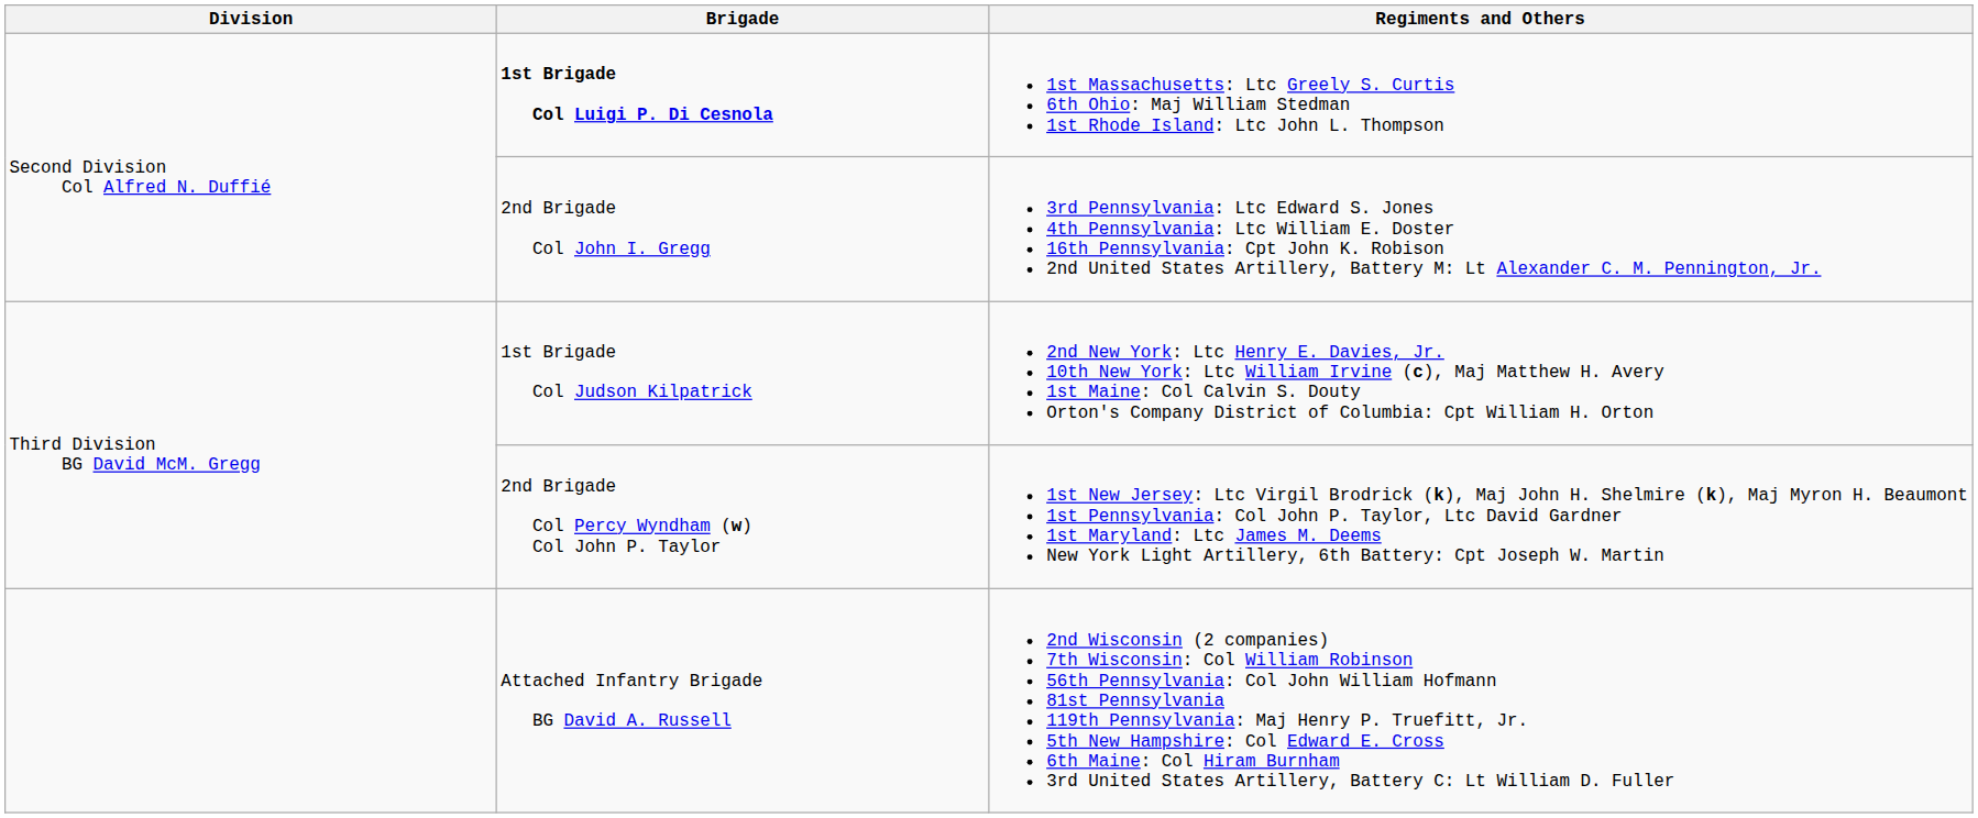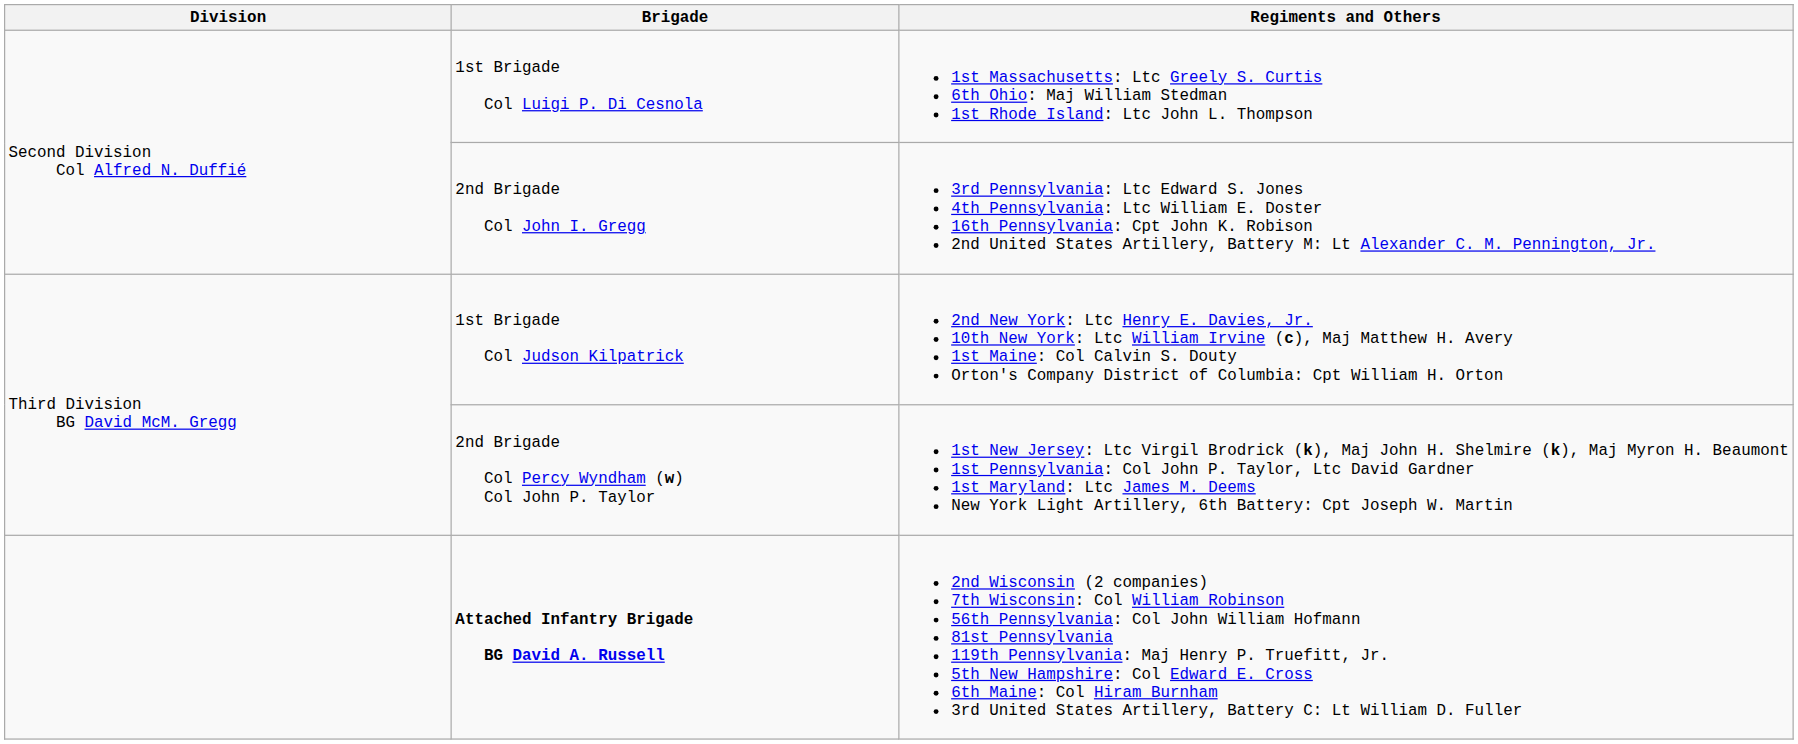 <table class="wikitable">
 <tr>
 <th width=25%>Division</th>
 <th width=25%>Brigade</th>
 <th>Regiments and Others</th>
 </tr>
 <tr>
 <td rowspan=2><br>Second Division <br>     Col <a href='#'>Alfred N. Duffié</a></td>
-<td><strong>1st Brigade<br><br>   Col <a href='#'>Luigi P. Di Cesnola</a></strong></td>
+<td>1st Brigade<br><br>   Col <a href='#'>Luigi P. Di Cesnola</a></td>
 <td><br><ul><li><a href='#'>1st Massachusetts</a>: Ltc <a href='#'>Greely S. Curtis</a></li><li><a href='#'>6th Ohio</a>: Maj William Stedman</li><li><a href='#'>1st Rhode Island</a>: Ltc John L. Thompson</li></ul></td>
 </tr>
 <tr>
 <td>2nd Brigade<br><br>   Col <a href='#'>John I. Gregg</a></td>
 <td><br><ul><li><a href='#'>3rd Pennsylvania</a>: Ltc Edward S. Jones</li><li><a href='#'>4th Pennsylvania</a>: Ltc William E. Doster</li><li><a href='#'>16th Pennsylvania</a>: Cpt John K. Robison</li><li>2nd United States Artillery, Battery M: Lt <a href='#'>Alexander C. M. Pennington, Jr.</a></li></ul></td>
 </tr>
 <tr>
 <td rowspan=2><br>Third Division <br>     BG <a href='#'>David McM. Gregg</a></td>
 <td>1st Brigade<br><br>   Col <a href='#'>Judson Kilpatrick</a></td>
 <td><br><ul><li><a href='#'>2nd New York</a>: Ltc <a href='#'>Henry E. Davies, Jr.</a></li><li><a href='#'>10th New York</a>: Ltc <a href='#'>William Irvine</a> (<strong>c</strong>), Maj Matthew H. Avery</li><li><a href='#'>1st Maine</a>: Col Calvin S. Douty</li><li>Orton's Company District of Columbia: Cpt William H. Orton</li></ul></td>
 </tr>
 <tr>
 <td>2nd Brigade<br><br>   Col <a href='#'>Percy Wyndham</a> (<strong>w</strong>) <br>   Col John P. Taylor</td>
 <td><br><ul><li><a href='#'>1st New Jersey</a>: Ltc Virgil Brodrick (<strong>k</strong>), Maj John H. Shelmire (<strong>k</strong>), Maj Myron H. Beaumont</li><li><a href='#'>1st Pennsylvania</a>: Col John P. Taylor, Ltc David Gardner</li><li><a href='#'>1st Maryland</a>: Ltc <a href='#'>James M. Deems</a></li><li>New York Light Artillery, 6th Battery: Cpt Joseph W. Martin</li></ul></td>
 </tr>
 <tr>
 <td></td>
-<td>Attached Infantry Brigade<br><br>   BG <a href='#'>David A. Russell</a></td>
+<td><strong>Attached Infantry Brigade<br><br>   BG <a href='#'>David A. Russell</a></strong></td>
 <td><br><ul><li><a href='#'>2nd Wisconsin</a> (2 companies)</li><li><a href='#'>7th Wisconsin</a>: Col <a href='#'>William Robinson</a></li><li><a href='#'>56th Pennsylvania</a>: Col John William Hofmann</li><li><a href='#'>81st Pennsylvania</a></li><li><a href='#'>119th Pennsylvania</a>: Maj Henry P. Truefitt, Jr.</li><li><a href='#'>5th New Hampshire</a>: Col <a href='#'>Edward E. Cross</a></li><li><a href='#'>6th Maine</a>: Col <a href='#'>Hiram Burnham</a></li><li>3rd United States Artillery, Battery C: Lt William D. Fuller</li></ul></td>
 </tr>
 </table>
